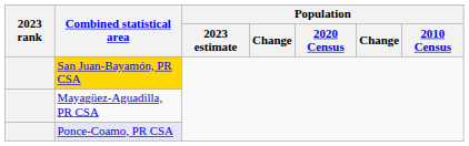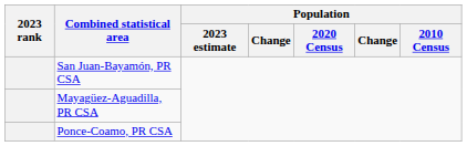 <table class="wikitable sortable">
 <tr>
 <th scope=col rowspan=2>2023 rank</th>
 <th scope=col rowspan=2><a href='#'>Combined statistical area</a></th>
 <th colspan=5>Population</th>
 </tr>
 <tr>
 <th scope=col>2023 estimate</th>
 <th scope=col>Change</th>
 <th scope=col><a href='#'>2020 Census</a></th>
 <th scope=col>Change</th>
 <th scope=col><a href='#'>2010 Census</a></th>
 </tr>
 <tr>
 <th scope=row></th>
-<td style="background: gold;"><a href='#'>San Juan-Bayamón, PR CSA</a><br></td>
+<td><a href='#'>San Juan-Bayamón, PR CSA</a><br></td>
 </tr>
 <tr>
 <th scope=row></th>
 <td><a href='#'>Mayagüez-Aguadilla, PR CSA</a><br></td>
 </tr>
 <tr>
 <th scope=row></th>
-<td style="background: lavender;"><a href='#'>Ponce-Coamo, PR CSA</a><br></td>
+<td><a href='#'>Ponce-Coamo, PR CSA</a><br></td>
 </tr>
 </table>
